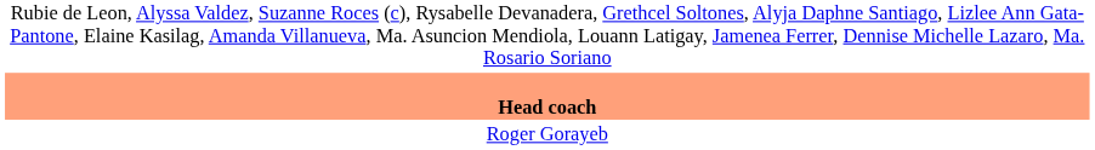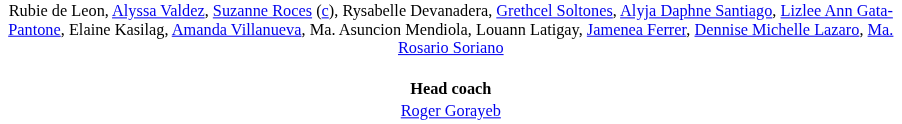 <table style="text-align: center; margin-top: 2em; margin-left: auto; margin-right: auto">
 <tr>
 <td>Rubie de Leon, <a href='#'>Alyssa Valdez</a>, <a href='#'>Suzanne Roces</a> (<a href='#'>c</a>), Rysabelle Devanadera, <a href='#'>Grethcel Soltones</a>, <a href='#'>Alyja Daphne Santiago</a>, <a href='#'>Lizlee Ann Gata-Pantone</a>, Elaine Kasilag, <a href='#'>Amanda Villanueva</a>, Ma. Asuncion Mendiola, Louann Latigay, <a href='#'>Jamenea Ferrer</a>, <a href='#'>Dennise Michelle Lazaro</a>, <a href='#'>Ma. Rosario Soriano</a></td>
 <td></td>
 </tr>
 <tr>
-<td style="background: lightsalmon;"><br><strong>Head coach</strong></td>
+<td><br><strong>Head coach</strong></td>
 </tr>
 <tr>
 <td><a href='#'>Roger Gorayeb</a></td>
 </tr>
 </table>
